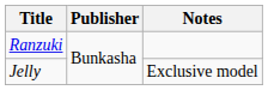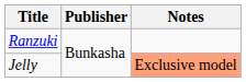 <table class="wikitable">
 <tr>
 <th>Title</th>
 <th>Publisher</th>
 <th>Notes</th>
 </tr>
 <tr>
 <td><em><a href='#'>Ranzuki</a></em></td>
 <td rowspan="2">Bunkasha</td>
 <td></td>
 </tr>
 <tr>
 <td><em>Jelly</em></td>
-<td>Exclusive model</td>
+<td style="background: lightsalmon;">Exclusive model</td>
 </tr>
 </table>
